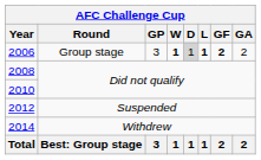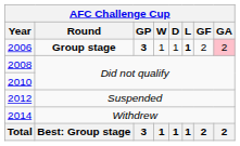 <table class="wikitable" style="text-align: center;font-size:90%;">
 <tr>
 <th colspan=8><a href='#'>AFC Challenge Cup</a></th>
 </tr>
 <tr>
 <th>Year</th>
 <th>Round</th>
 <th>GP</th>
 <th>W</th>
 <th>D</th>
 <th>L</th>
 <th>GF</th>
 <th>GA</th>
 </tr>
 <tr>
 <td> <a href='#'>2006</a></td>
-<td>Group stage</td>
-<td>3</td>
+<td><strong>Group stage</strong></td>
+<td><strong>3</strong></td>
+<td>1</td>
+<td>1</td>
 <td><strong>1</strong></td>
-<td style="background: lightgrey;">1</td>
-<td><strong>1</strong></td>
-<td><strong>2</strong></td>
 <td>2</td>
+<td style="background: pink;">2</td>
 </tr>
 <tr>
 <td> <a href='#'>2008</a></td>
 <td colspan=7 rowspan=2><em>Did not qualify</em></td>
 </tr>
 <tr>
 <td> <a href='#'>2010</a></td>
 </tr>
 <tr>
 <td> <a href='#'>2012</a></td>
 <td colspan=7><em>Suspended</em></td>
 </tr>
 <tr>
 <td> <a href='#'>2014</a></td>
 <td colspan=7><em>Withdrew</em></td>
 </tr>
 <tr>
 <th><strong>Total</strong></th>
 <th><strong>Best: Group stage</strong></th>
 <th>3</th>
 <th>1</th>
 <th>1</th>
 <th>1</th>
 <th>2</th>
 <th>2</th>
 </tr>
 </table>
